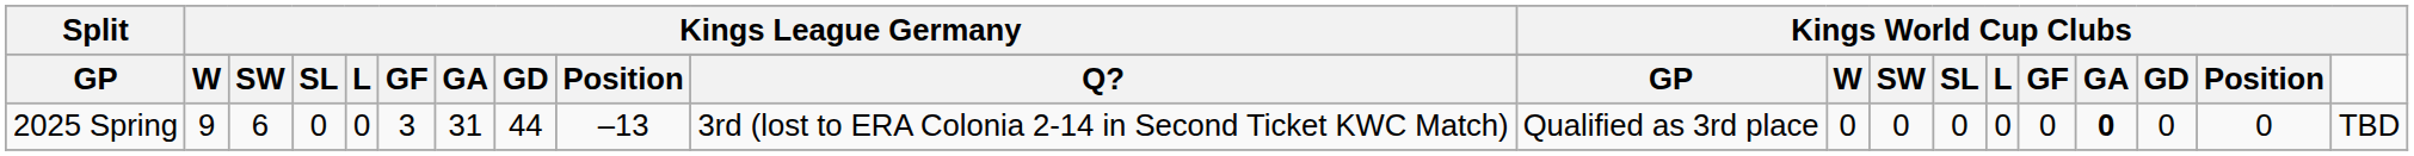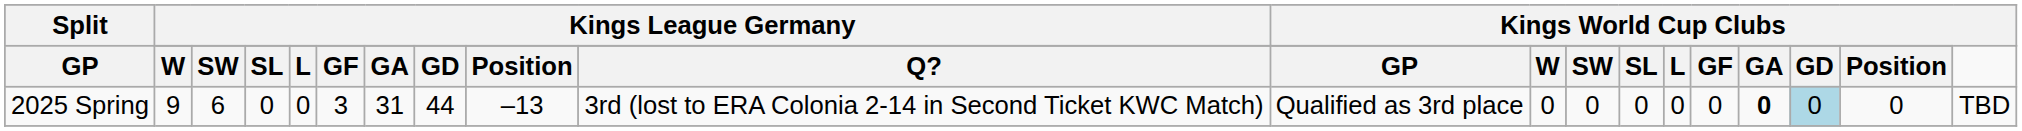 <table class="wikitable" style="font-size:90%; text-align:center;">
 <tr style="background:#f0f6ff;">
 <th rowspan=2>Split</th>
 <th colspan=9>Kings League Germany</th>
 <th colspan=10>Kings World Cup Clubs</th>
 </tr>
 <tr>
 </tr>
 <tr>
 <th>GP</th>
 <th>W</th>
 <th>SW</th>
 <th>SL</th>
 <th>L</th>
 <th>GF</th>
 <th>GA</th>
 <th>GD</th>
 <th>Position</th>
 <th>Q?</th>
 <th>GP</th>
 <th>W</th>
 <th>SW</th>
 <th>SL</th>
 <th>L</th>
 <th>GF</th>
 <th>GA</th>
 <th>GD</th>
 <th>Position</th>
 </tr>
 <tr>
 <td>2025 Spring</td>
 <td>9</td>
 <td>6</td>
 <td>0</td>
 <td>0</td>
 <td>3</td>
 <td>31</td>
 <td>44</td>
 <td>–13</td>
 <td>3rd (lost to ERA Colonia 2-14 in Second Ticket KWC Match)</td>
 <td>Qualified as 3rd place</td>
 <td>0</td>
 <td>0</td>
 <td>0</td>
 <td>0</td>
 <td>0</td>
 <td><strong>0</strong></td>
-<td>0</td>
+<td style="background: lightblue;">0</td>
 <td>0</td>
 <td>TBD</td>
 </tr>
 </table>
